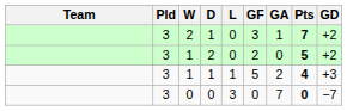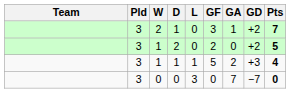 <table class="wikitable" style="text-align:center;">
 <tr>
 <th width=180>Team</th>
 <th width=20>Pld</th>
 <th width=20>W</th>
 <th width=20>D</th>
 <th width=20>L</th>
 <th width=20>GF</th>
 <th width=20>GA</th>
+<th width=20>GD</th>
 <th width=20>Pts</th>
-<th width=20>GD</th>
 </tr>
 <tr bgcolor="ccffcc">
 <td align="left"></td>
 <td>3</td>
 <td>2</td>
 <td>1</td>
 <td>0</td>
 <td>3</td>
 <td>1</td>
+<td>+2</td>
 <td><strong>7</strong></td>
-<td>+2</td>
 </tr>
 <tr bgcolor="ccffcc">
 <td align="left"></td>
 <td>3</td>
 <td>1</td>
 <td>2</td>
 <td>0</td>
 <td>2</td>
 <td>0</td>
+<td>+2</td>
 <td><strong>5</strong></td>
-<td>+2</td>
 </tr>
 <tr>
 <td align="left"></td>
 <td>3</td>
 <td>1</td>
 <td>1</td>
 <td>1</td>
 <td>5</td>
 <td>2</td>
+<td>+3</td>
 <td><strong>4</strong></td>
-<td>+3</td>
 </tr>
 <tr>
 <td align="left"></td>
 <td>3</td>
 <td>0</td>
 <td>0</td>
 <td>3</td>
 <td>0</td>
 <td>7</td>
+<td>−7</td>
 <td><strong>0</strong></td>
-<td>−7</td>
 </tr>
 </table>
